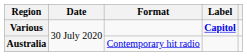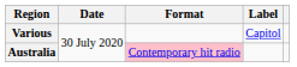 <table class="wikitable plainrowheaders">
 <tr>
 <th>Region</th>
 <th>Date</th>
 <th>Format</th>
 <th>Label</th>
 <th></th>
 </tr>
 <tr>
 <th scope="row">Various</th>
 <td rowspan="2">30 July 2020</td>
 <td></td>
-<td><strong><a href='#'>Capitol</a></strong></td>
+<td><a href='#'>Capitol</a></td>
 <td></td>
 </tr>
 <tr>
 <th scope="row">Australia</th>
-<td><a href='#'>Contemporary hit radio</a></td>
+<td style="background: pink;"><a href='#'>Contemporary hit radio</a></td>
 <td></td>
 <td></td>
 </tr>
 </table>
